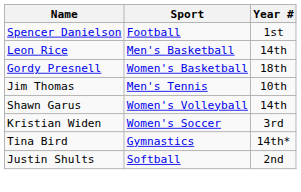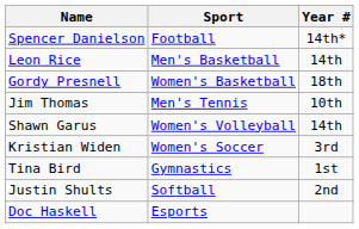 <table class="wikitable"; style= "text-align: ">
 <tr>
 <th width=px>Name</th>
 <th width=px>Sport</th>
 <th width=px>Year #</th>
 </tr>
 <tr>
 <td><a href='#'>Spencer Danielson</a></td>
 <td><a href='#'>Football</a></td>
-<td align=center>1st</td>
+<td align=center>14th* </td>
 </tr>
 <tr>
 <td><a href='#'>Leon Rice</a></td>
 <td><a href='#'>Men's Basketball</a></td>
 <td align=center>14th </td>
 </tr>
 <tr>
 <td><a href='#'>Gordy Presnell</a></td>
 <td><a href='#'>Women's Basketball</a></td>
 <td align=center>18th </td>
 </tr>
 <tr>
 <td>Jim Thomas</td>
 <td><a href='#'>Men's Tennis</a></td>
 <td align=center>10th </td>
 </tr>
 <tr>
 <td>Shawn Garus</td>
 <td><a href='#'> Women's Volleyball</a></td>
 <td align=center>14th </td>
 </tr>
 <tr>
 <td>Kristian Widen</td>
 <td><a href='#'> Women's Soccer</a></td>
 <td align=center>3rd </td>
 </tr>
 <tr>
 <td>Tina Bird</td>
 <td><a href='#'>Gymnastics</a></td>
-<td align=center>14th* </td>
+<td align=center>1st</td>
 </tr>
 <tr>
 <td>Justin Shults</td>
 <td><a href='#'>Softball</a></td>
 <td align=center>2nd </td>
 </tr>
+<tr>
+<td><a href='#'>Doc Haskell</a></td>
+<td><a href='#'>Esports</a></td>
+<td></td>
+</tr>
 </table>
